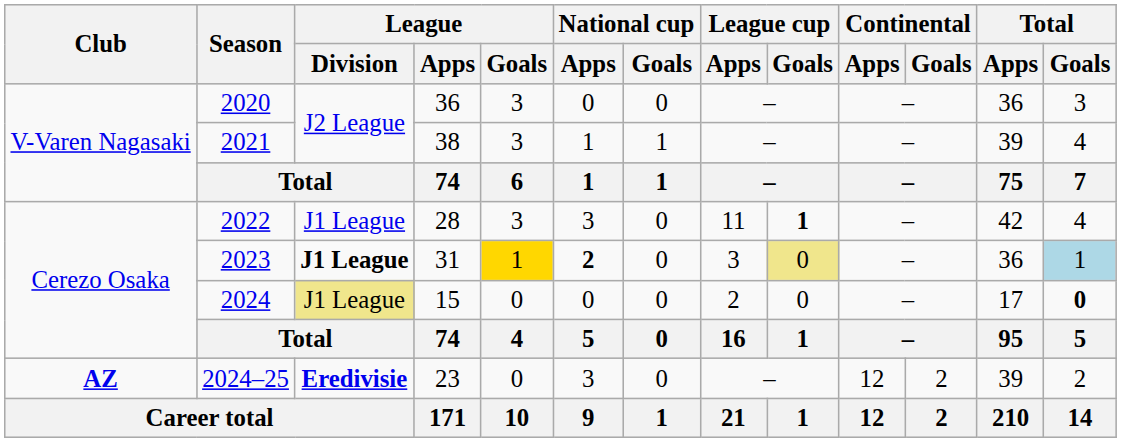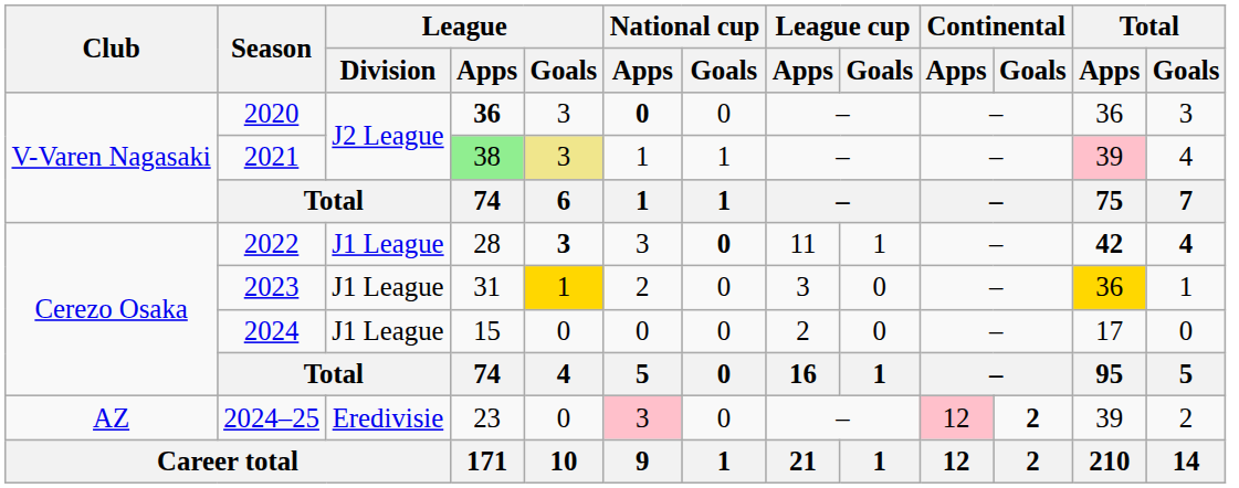 <table class="wikitable" style="text-align: center">
 <tr>
 <th rowspan="2">Club</th>
 <th rowspan="2">Season</th>
 <th colspan="3">League</th>
 <th colspan="2">National cup</th>
 <th colspan="2">League cup</th>
 <th colspan="2">Continental</th>
 <th colspan="2">Total</th>
 </tr>
 <tr>
 <th>Division</th>
 <th>Apps</th>
 <th>Goals</th>
 <th>Apps</th>
 <th>Goals</th>
 <th>Apps</th>
 <th>Goals</th>
 <th>Apps</th>
 <th>Goals</th>
 <th>Apps</th>
 <th>Goals</th>
 </tr>
 <tr>
 <td rowspan="3"><a href='#'>V-Varen Nagasaki</a></td>
 <td><a href='#'>2020</a></td>
 <td rowspan="2"><a href='#'>J2 League</a></td>
-<td>36</td>
+<td><strong>36</strong></td>
 <td>3</td>
-<td>0</td>
+<td><strong>0</strong></td>
 <td>0</td>
 <td colspan="2">–</td>
 <td colspan="2">–</td>
 <td>36</td>
 <td>3</td>
 </tr>
 <tr>
 <td><a href='#'>2021</a></td>
-<td>38</td>
-<td>3</td>
+<td style="background: lightgreen;">38</td>
+<td style="background: khaki;">3</td>
 <td>1</td>
 <td>1</td>
 <td colspan="2">–</td>
 <td colspan="2">–</td>
-<td>39</td>
+<td style="background: pink;">39</td>
 <td>4</td>
 </tr>
 <tr>
 <th colspan="2">Total</th>
 <th>74</th>
 <th>6</th>
 <th>1</th>
 <th>1</th>
 <th colspan="2">–</th>
 <th colspan="2">–</th>
 <th>75</th>
 <th>7</th>
 </tr>
 <tr>
 <td rowspan="4"><a href='#'>Cerezo Osaka</a></td>
 <td><a href='#'>2022</a></td>
 <td><a href='#'>J1 League</a></td>
 <td>28</td>
+<td><strong>3</strong></td>
 <td>3</td>
-<td>3</td>
-<td>0</td>
+<td><strong>0</strong></td>
 <td>11</td>
-<td><strong>1</strong></td>
+<td>1</td>
 <td colspan="2">–</td>
-<td>42</td>
-<td>4</td>
+<td><strong>42</strong></td>
+<td><strong>4</strong></td>
 </tr>
 <tr>
 <td><a href='#'>2023</a></td>
-<td><strong>J1 League</strong></td>
+<td>J1 League</td>
 <td>31</td>
 <td style="background: gold;">1</td>
-<td><strong>2</strong></td>
+<td>2</td>
 <td>0</td>
 <td>3</td>
-<td style="background: khaki;">0</td>
+<td>0</td>
 <td colspan="2">–</td>
-<td>36</td>
-<td style="background: lightblue;">1</td>
+<td style="background: gold;">36</td>
+<td>1</td>
 </tr>
 <tr>
 <td><a href='#'>2024</a></td>
-<td style="background: khaki;">J1 League</td>
+<td>J1 League</td>
 <td>15</td>
 <td>0</td>
 <td>0</td>
 <td>0</td>
 <td>2</td>
 <td>0</td>
 <td colspan="2">–</td>
 <td>17</td>
-<td><strong>0</strong></td>
+<td>0</td>
 </tr>
 <tr>
 <th colspan="2">Total</th>
 <th>74</th>
 <th>4</th>
 <th>5</th>
 <th>0</th>
 <th>16</th>
 <th>1</th>
 <th colspan="2">–</th>
 <th>95</th>
 <th>5</th>
 </tr>
 <tr>
-<td><strong><a href='#'>AZ</a></strong></td>
+<td><a href='#'>AZ</a></td>
 <td><a href='#'>2024–25</a></td>
-<td><strong><a href='#'>Eredivisie</a></strong></td>
+<td><a href='#'>Eredivisie</a></td>
 <td>23</td>
 <td>0</td>
-<td>3</td>
+<td style="background: pink;">3</td>
 <td>0</td>
 <td colspan="2">–</td>
-<td>12</td>
-<td>2</td>
+<td style="background: pink;">12</td>
+<td><strong>2</strong></td>
 <td>39</td>
 <td>2</td>
 </tr>
 <tr>
 <th colspan="3">Career total</th>
 <th>171</th>
 <th>10</th>
 <th>9</th>
 <th>1</th>
 <th>21</th>
 <th>1</th>
 <th>12</th>
 <th>2</th>
 <th>210</th>
 <th>14</th>
 </tr>
 </table>
